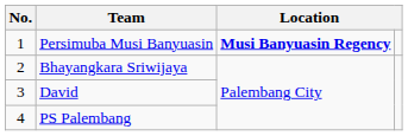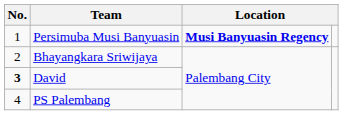 <table class="wikitable">
 <tr>
 <th>No.</th>
 <th>Team</th>
 <th colspan=2>Location</th>
 </tr>
 <tr>
 <td align=center>1</td>
 <td><a href='#'>Persimuba Musi Banyuasin</a></td>
 <td><strong><a href='#'>Musi Banyuasin Regency</a></strong></td>
 <td></td>
 </tr>
 <tr>
 <td align=center>2</td>
 <td><a href='#'>Bhayangkara Sriwijaya</a></td>
 <td rowspan=3><a href='#'>Palembang City</a></td>
 <td rowspan=3></td>
 </tr>
 <tr>
-<td align=center>3</td>
+<td align=center><strong>3</strong></td>
 <td><a href='#'>David</a></td>
 </tr>
 <tr>
 <td align=center>4</td>
 <td><a href='#'>PS Palembang</a></td>
 </tr>
 </table>
